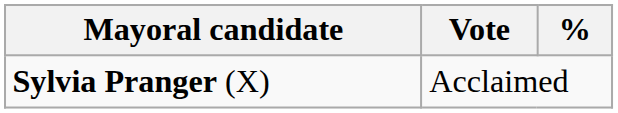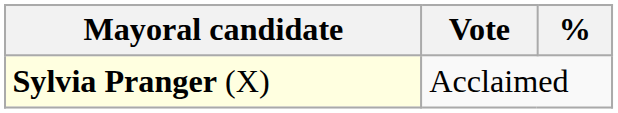 <table class="wikitable">
 <tr>
 <th width="200px">Mayoral candidate</th>
 <th width="50px">Vote</th>
 <th width="30px">%</th>
 </tr>
 <tr>
-<td><strong>Sylvia Pranger</strong> (X) </td>
+<td style="background: lightyellow;"><strong>Sylvia Pranger</strong> (X) </td>
 <td colspan="2">Acclaimed</td>
 </tr>
 </table>
